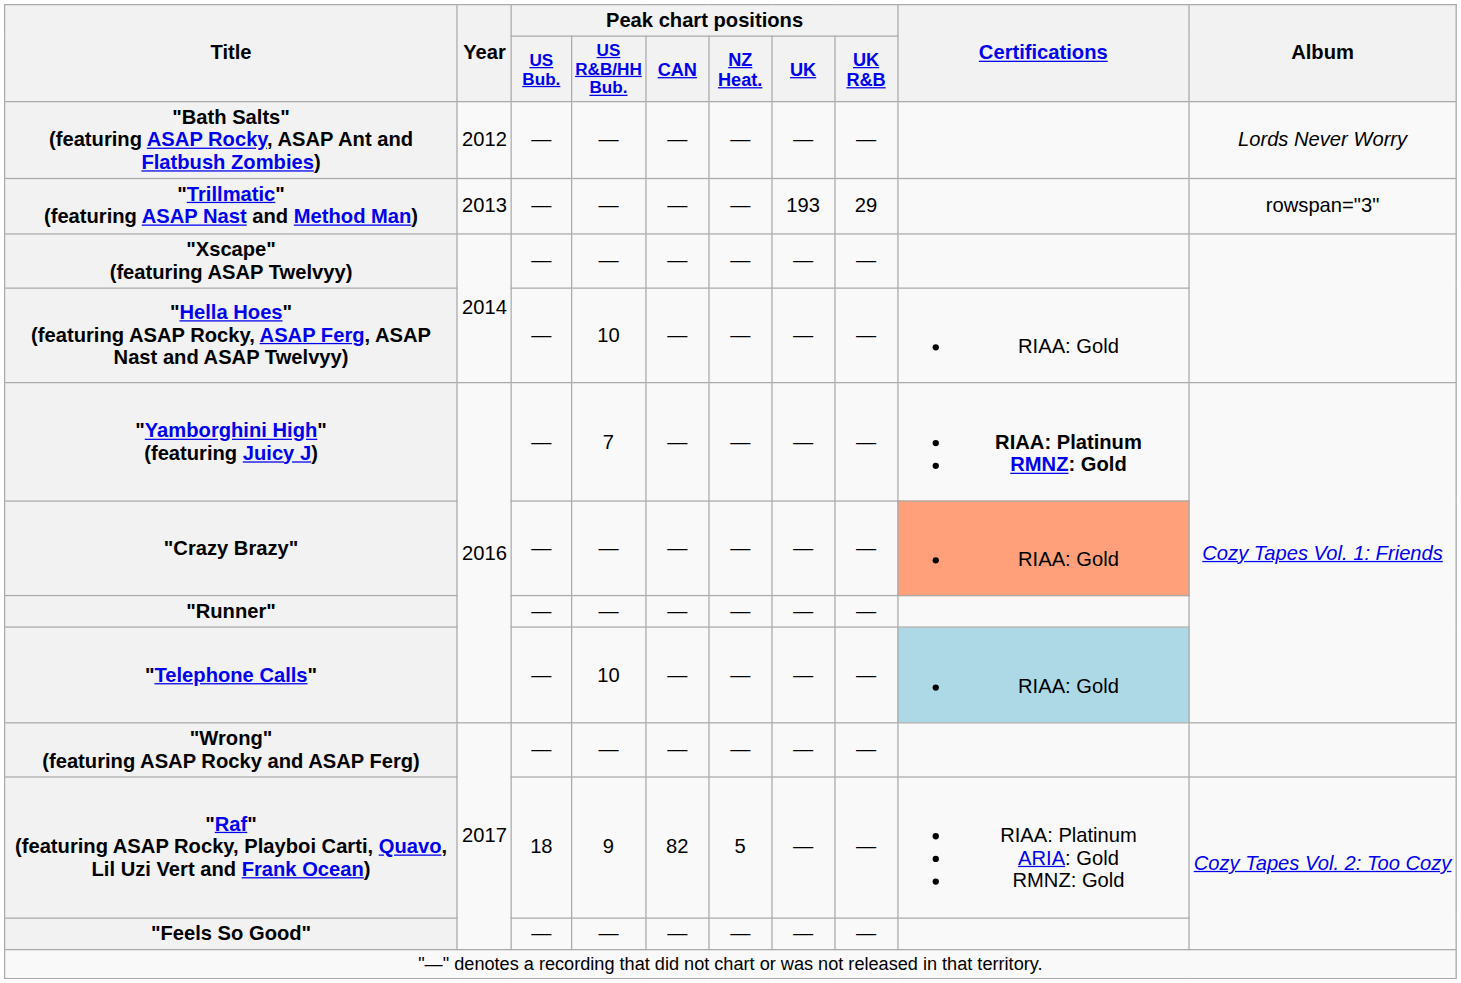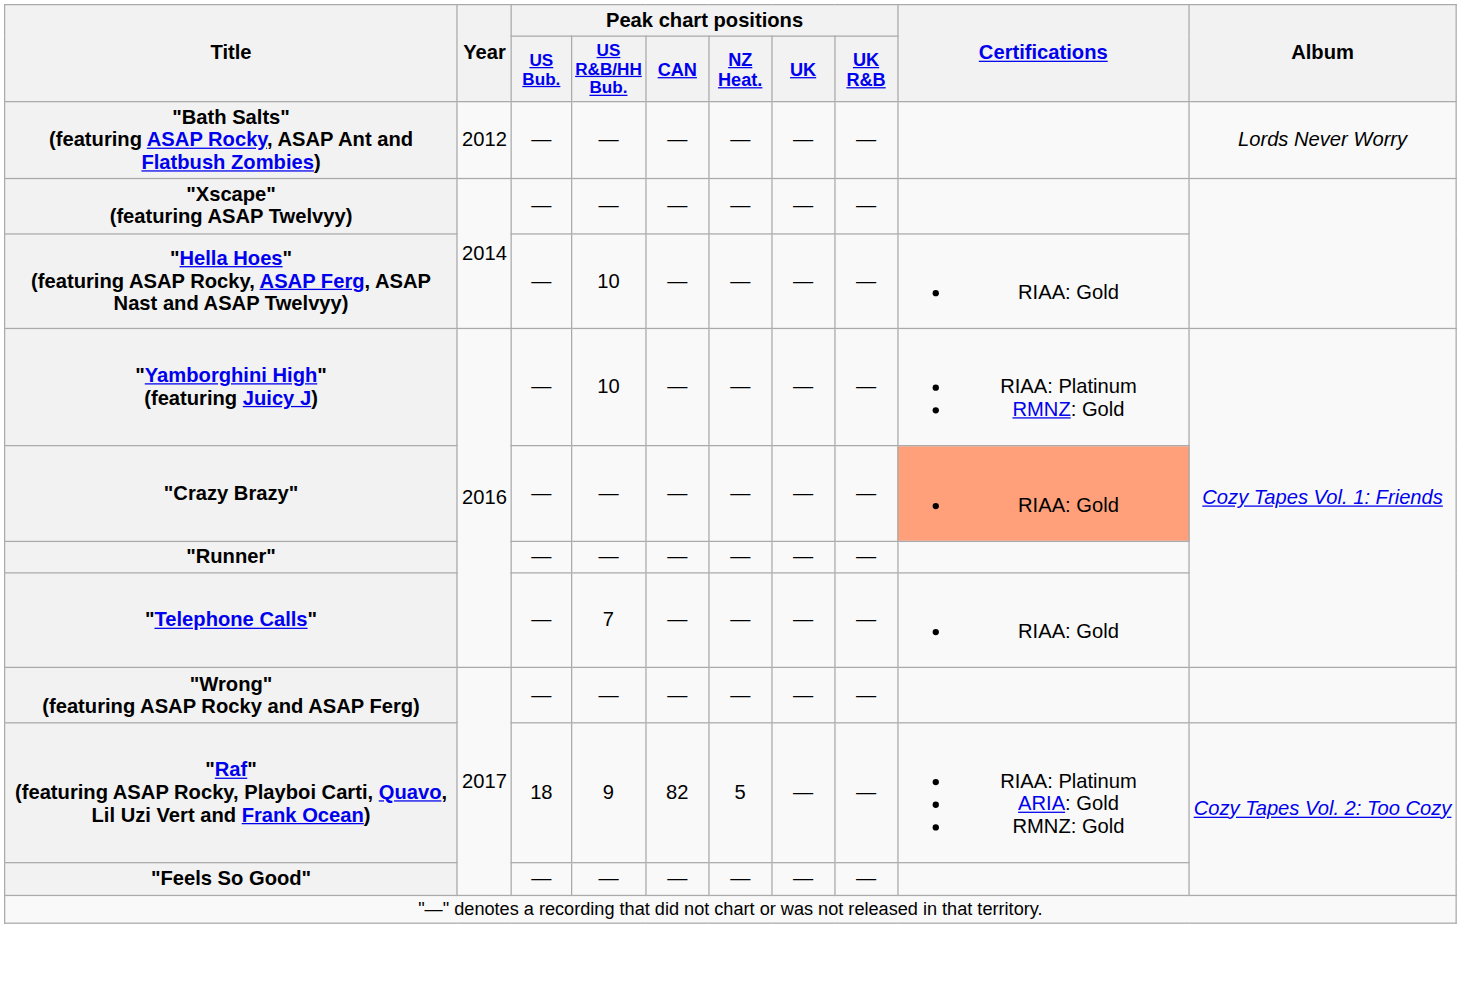 <table class="wikitable plainrowheaders" style="text-align:center;">
 <tr>
 <th rowspan="2" scope="col" style="width:22em;">Title</th>
 <th rowspan="2" scope="col" style="width:1em;">Year</th>
 <th colspan="6" scope="col">Peak chart positions</th>
 <th scope="col" rowspan="2" style="width:14em;"><a href='#'>Certifications</a></th>
 <th rowspan="2" scope="col">Album</th>
 </tr>
 <tr>
 <th scope="col" style="width:3em;font-size:85%;"><a href='#'>US<br>Bub.</a><br></th>
 <th scope="col" style="width:3em;font-size:85%;"><a href='#'>US<br>R&B/HH<br>Bub.</a><br></th>
 <th scope="col" style="width:3em;font-size:90%;"><a href='#'>CAN</a><br></th>
 <th scope="col" style="width:3em;font-size:90%;"><a href='#'>NZ Heat.</a><br></th>
 <th style="width:3em;font-size:90%;"><a href='#'>UK</a></th>
 <th style="width:3em;font-size:90%;"><a href='#'>UK<br>R&B</a></th>
 </tr>
 <tr>
 <th scope="row">"Bath Salts"<br><span>(featuring <a href='#'>ASAP Rocky</a>, ASAP Ant and <a href='#'>Flatbush Zombies</a>)</span></th>
 <td>2012</td>
 <td>—</td>
 <td>—</td>
 <td>—</td>
 <td>—</td>
 <td>—</td>
 <td>—</td>
 <td></td>
 <td><em>Lords Never Worry</em></td>
 </tr>
 <tr>
-<th scope="row">"<a href='#'>Trillmatic</a>"<br><span>(featuring <a href='#'>ASAP Nast</a> and <a href='#'>Method Man</a>)</span></th>
-<td>2013</td>
-<td>—</td>
-<td>—</td>
-<td>—</td>
-<td>—</td>
-<td>193</td>
-<td>29</td>
-<td></td>
-<td>rowspan="3" </td>
-</tr>
-<tr>
 <th scope="row">"Xscape"<br><span>(featuring ASAP Twelvyy)</span></th>
 <td rowspan="2">2014</td>
 <td>—</td>
 <td>—</td>
 <td>—</td>
 <td>—</td>
 <td>—</td>
 <td>—</td>
 <td></td>
 </tr>
 <tr>
 <th scope="row">"<a href='#'>Hella Hoes</a>"<br><span>(featuring ASAP Rocky, <a href='#'>ASAP Ferg</a>, ASAP Nast and ASAP Twelvyy)</span></th>
 <td>—</td>
 <td>10</td>
 <td>—</td>
 <td>—</td>
 <td>—</td>
 <td>—</td>
 <td><br><ul><li>RIAA: Gold</li></ul></td>
 </tr>
 <tr>
 <th scope="row">"<a href='#'>Yamborghini High</a>"<br><span>(featuring <a href='#'>Juicy J</a>)</span></th>
 <td rowspan="4">2016</td>
 <td>—</td>
-<td>7</td>
+<td>10</td>
 <td>—</td>
 <td>—</td>
 <td>—</td>
 <td>—</td>
-<td><strong><br><ul><li>RIAA: Platinum</li><li><a href='#'>RMNZ</a>: Gold</li></ul></strong></td>
+<td><br><ul><li>RIAA: Platinum</li><li><a href='#'>RMNZ</a>: Gold</li></ul></td>
 <td rowspan="4"><em><a href='#'>Cozy Tapes Vol. 1: Friends</a></em></td>
 </tr>
 <tr>
 <th scope="row">"Crazy Brazy"<br></th>
 <td>—</td>
 <td>—</td>
 <td>—</td>
 <td>—</td>
 <td>—</td>
 <td>—</td>
 <td style="background: lightsalmon;"><br><ul><li>RIAA: Gold</li></ul></td>
 </tr>
 <tr>
 <th scope="row">"Runner"<br></th>
 <td>—</td>
 <td>—</td>
 <td>—</td>
 <td>—</td>
 <td>—</td>
 <td>—</td>
 <td></td>
 </tr>
 <tr>
 <th scope="row">"<a href='#'>Telephone Calls</a>"<br></th>
 <td>—</td>
-<td>10</td>
+<td>7</td>
 <td>—</td>
 <td>—</td>
 <td>—</td>
 <td>—</td>
-<td style="background: lightblue;"><br><ul><li>RIAA: Gold</li></ul></td>
+<td><br><ul><li>RIAA: Gold</li></ul></td>
 </tr>
 <tr>
 <th scope="row">"Wrong"<br><span>(featuring ASAP Rocky and ASAP Ferg)</span></th>
 <td rowspan="3">2017</td>
 <td>—</td>
 <td>—</td>
 <td>—</td>
 <td>—</td>
 <td>—</td>
 <td>—</td>
 <td></td>
 <td></td>
 </tr>
 <tr>
 <th scope="row">"<a href='#'>Raf</a>"<br><span>(featuring ASAP Rocky, Playboi Carti, <a href='#'>Quavo</a>, Lil Uzi Vert and <a href='#'>Frank Ocean</a>)</span></th>
 <td>18</td>
 <td>9</td>
 <td>82</td>
 <td>5</td>
 <td>—</td>
 <td>—</td>
 <td><br><ul><li>RIAA: Platinum</li><li><a href='#'>ARIA</a>: Gold</li><li>RMNZ: Gold</li></ul></td>
 <td rowspan="2"><em><a href='#'>Cozy Tapes Vol. 2: Too Cozy</a></em></td>
 </tr>
 <tr>
 <th scope="row">"Feels So Good"<br></th>
 <td>—</td>
 <td>—</td>
 <td>—</td>
 <td>—</td>
 <td>—</td>
 <td>—</td>
 </tr>
 <tr>
 <td colspan="10" style="font-size:90%">"—" denotes a recording that did not chart or was not released in that territory.</td>
 </tr>
 </table>
